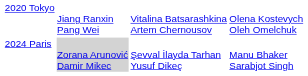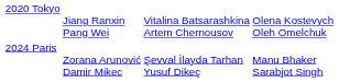 <table>
 <tr valign="top">
 <td><a href='#'>2020 Tokyo</a><br></td>
 <td><br><a href='#'>Jiang Ranxin</a><br><a href='#'>Pang Wei</a></td>
 <td> <br><a href='#'>Vitalina Batsarashkina</a><br><a href='#'>Artem Chernousov</a></td>
 <td><br><a href='#'>Olena Kostevych</a><br><a href='#'>Oleh Omelchuk</a></td>
 </tr>
 <tr valign="top">
 <td><a href='#'>2024 Paris</a><br></td>
-<td style="background: lightgrey;"><br> <a href='#'>Zorana Arunović</a><br><a href='#'>Damir Mikec</a></td>
+<td><br> <a href='#'>Zorana Arunović</a><br><a href='#'>Damir Mikec</a></td>
 <td><br><a href='#'>Şevval İlayda Tarhan</a><br><a href='#'>Yusuf Dikeç</a></td>
 <td> <br> <a href='#'>Manu Bhaker</a> <br> <a href='#'>Sarabjot Singh</a></td>
 </tr>
 <tr>
 </tr>
 </table>
